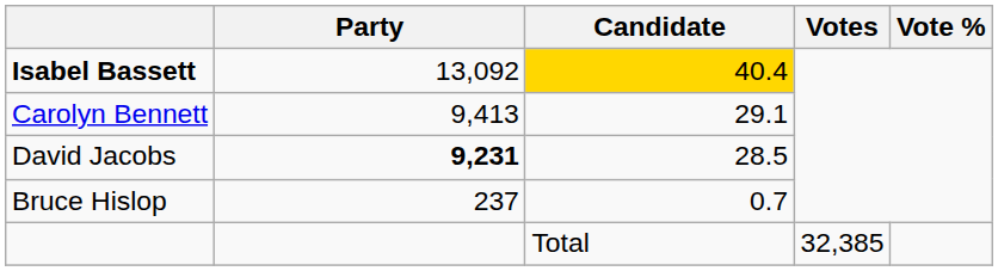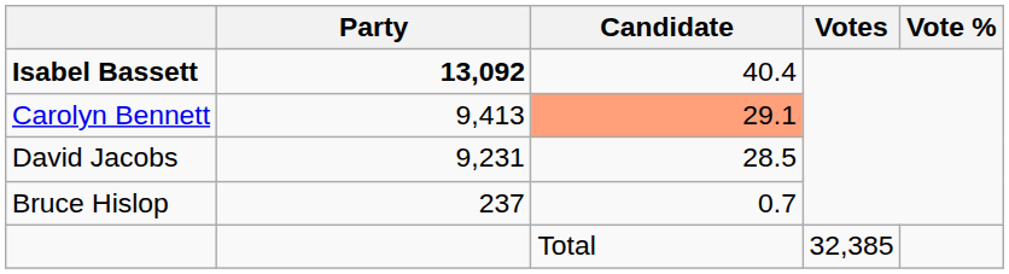 <table class="wikitable">
 <tr>
 <th></th>
 <th scope="col" width="175">Party</th>
 <th scope="col" width="150">Candidate</th>
 <th>Votes</th>
 <th>Vote %</th>
 </tr>
 <tr>
 <td><strong>Isabel Bassett</strong></td>
-<td align=right>13,092</td>
-<td align=right style="background: gold;">40.4</td>
+<td align=right><strong>13,092</strong></td>
+<td align=right>40.4</td>
 </tr>
 <tr |>
 <td><a href='#'>Carolyn Bennett</a></td>
 <td align=right>9,413</td>
-<td align=right>29.1</td>
+<td align=right style="background: lightsalmon;">29.1</td>
 </tr>
 <tr |>
 <td>David Jacobs</td>
-<td align=right><strong>9,231</strong></td>
+<td align=right>9,231</td>
 <td align=right>28.5<br></td>
 </tr>
 <tr>
 <td>Bruce Hislop</td>
 <td align=right>237</td>
 <td align=right>0.7<br></td>
 </tr>
 <tr |>
 <td></td>
 <td></td>
 <td>Total</td>
 <td align=right>32,385</td>
 <td></td>
 </tr>
 </table>
